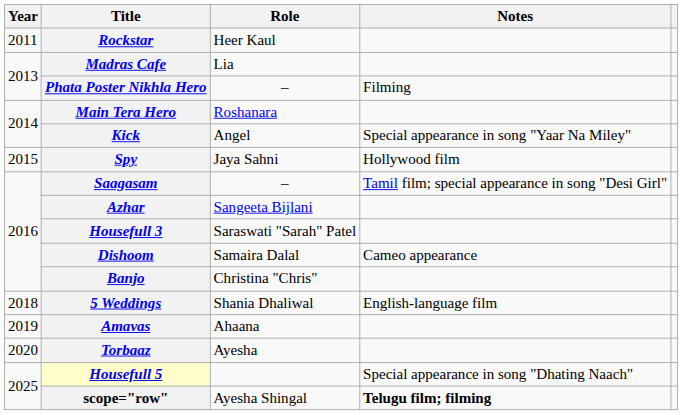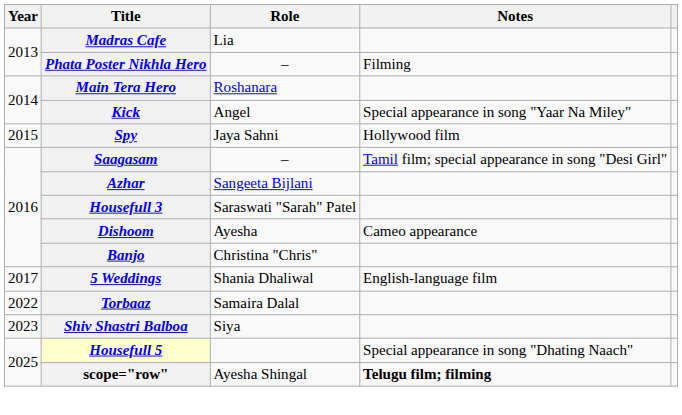 <table class="wikitable plainrowheaders sortable">
 <tr>
 <th scope="col">Year</th>
 <th scope="col">Title</th>
 <th scope="col">Role</th>
 <th scope="col" class="unsortable">Notes</th>
 <th scope="col" class="unsortable"></th>
-</tr>
-<tr>
-<td>2011</td>
-<th scope="row"><em><a href='#'>Rockstar</a></em></th>
-<td>Heer Kaul</td>
-<td></td>
-<td></td>
 </tr>
 <tr>
 <td rowspan="2">2013</td>
 <th scope="row"><em><a href='#'>Madras Cafe</a></em></th>
 <td>Lia</td>
 <td></td>
 <td></td>
 </tr>
 <tr>
 <th scope="row"><em><a href='#'>Phata Poster Nikhla Hero</a></em></th>
 <td style="text-align:center;">–</td>
 <td>Filming</td>
 <td></td>
 </tr>
 <tr>
 <td rowspan="2">2014</td>
 <th scope="row"><em><a href='#'>Main Tera Hero</a></em></th>
 <td><a href='#'>Roshanara</a></td>
 <td></td>
 <td></td>
 </tr>
 <tr>
 <th scope="row"><em><a href='#'>Kick</a></em></th>
 <td>Angel</td>
 <td>Special appearance in song "Yaar Na Miley"</td>
 <td></td>
 </tr>
 <tr>
 <td>2015</td>
 <th scope="row"><em><a href='#'>Spy</a></em></th>
 <td>Jaya Sahni</td>
 <td>Hollywood film</td>
 <td></td>
 </tr>
 <tr>
 <td rowspan="5">2016</td>
 <th scope="row"><em><a href='#'>Saagasam</a></em></th>
 <td style="text-align:center;">–</td>
 <td><a href='#'>Tamil</a> film; special appearance in song "Desi Girl"</td>
 <td></td>
 </tr>
 <tr>
 <th scope="row"><em><a href='#'>Azhar</a></em></th>
 <td><a href='#'>Sangeeta Bijlani</a></td>
 <td></td>
 <td></td>
 </tr>
 <tr>
 <th scope="row"><em><a href='#'>Housefull 3</a></em></th>
 <td>Saraswati "Sarah" Patel</td>
 <td></td>
 <td></td>
 </tr>
 <tr>
 <th scope="row"><em><a href='#'>Dishoom</a></em></th>
-<td>Samaira Dalal</td>
+<td>Ayesha</td>
 <td>Cameo appearance</td>
 <td></td>
 </tr>
 <tr>
 <th scope="row"><em><a href='#'>Banjo</a></em></th>
 <td>Christina "Chris"</td>
 <td></td>
 <td></td>
 </tr>
 <tr>
-<td>2018</td>
+<td>2017</td>
 <th scope="row"><em><a href='#'>5 Weddings</a></em></th>
 <td>Shania Dhaliwal</td>
 <td>English-language film</td>
 <td></td>
 </tr>
 <tr>
-<td>2019</td>
-<th scope="row"><em><a href='#'>Amavas</a></em></th>
-<td>Ahaana</td>
+<td>2022</td>
+<th scope="row"><em><a href='#'>Torbaaz</a></em></th>
+<td>Samaira Dalal</td>
 <td></td>
 <td></td>
 </tr>
 <tr>
-<td>2020</td>
-<th scope="row"><em><a href='#'>Torbaaz</a></em></th>
-<td>Ayesha</td>
+<td>2023</td>
+<th scope="row"><em><a href='#'>Shiv Shastri Balboa</a></em></th>
+<td>Siya</td>
 <td></td>
 <td></td>
 </tr>
 <tr>
 <td rowspan="2">2025</td>
 <th scope="row"  style="background:#FFFFCC;"><em><a href='#'>Housefull 5</a></em> </th>
 <td></td>
 <td>Special appearance in song "Dhating Naach"</td>
 <td style="text-align:center;"></td>
 </tr>
 <tr>
 <th>scope="row"  </th>
 <td>Ayesha Shingal</td>
 <td><strong>Telugu film; filming</strong></td>
 <td></td>
 </tr>
 </table>
